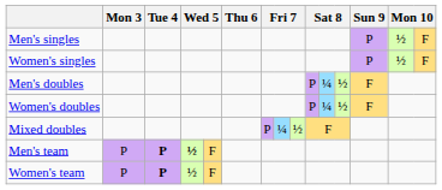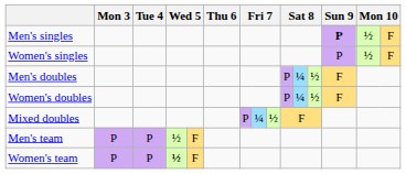 <table class="wikitable" style="margin:0.5em auto; font-size:90%; line-height:1.25em;">
 <tr style="text-align:center;">
 <th></th>
 <th>Mon 3</th>
 <th>Tue 4</th>
 <th colspan="2">Wed 5</th>
 <th>Thu 6</th>
 <th colspan="3">Fri 7</th>
 <th colspan="3">Sat 8</th>
 <th>Sun 9</th>
 <th colspan="2">Mon 10</th>
 </tr>
 <tr style="text-align:center;">
 <td style="text-align:left;"><a href='#'>Men's singles</a></td>
 <td></td>
 <td></td>
 <td colspan="2"></td>
 <td></td>
 <td colspan="3"></td>
 <td colspan="3"></td>
-<td style="background-color:#D0A9F5;text-align:center;">P</td>
+<td style="background-color:#D0A9F5;text-align:center;"><strong>P</strong></td>
 <td style="background-color:#D9FFB2;">½</td>
 <td style="background-color:#FFDF80;">F</td>
 </tr>
 <tr style="text-align:center;">
 <td style="text-align:left;"><a href='#'>Women's singles</a></td>
 <td></td>
 <td></td>
 <td colspan="2"></td>
 <td></td>
 <td colspan="3"></td>
 <td colspan="3"></td>
 <td style="background-color:#D0A9F5;text-align:center;">P</td>
 <td style="background-color:#D9FFB2;">½</td>
 <td style="background-color:#FFDF80;">F</td>
 </tr>
 <tr style="text-align:center;">
 <td style="text-align:left;"><a href='#'>Men's doubles</a></td>
 <td></td>
 <td></td>
 <td colspan="2"></td>
 <td></td>
 <td colspan="3"></td>
 <td style="background-color:#D0A9F5;text-align:center;">P</td>
 <td style="background-color:#97DEFF;text-align:center;">¼</td>
 <td style="background-color:#D9FFB2;">½</td>
 <td style="background-color:#FFDF80;">F</td>
 <td colspan="2"></td>
 </tr>
 <tr style="text-align:center;">
 <td style="text-align:left;"><a href='#'>Women's doubles</a></td>
 <td></td>
 <td></td>
 <td colspan="2"></td>
 <td></td>
 <td colspan="3"></td>
 <td style="background-color:#D0A9F5;text-align:center;">P</td>
 <td style="background-color:#97DEFF;text-align:center;">¼</td>
 <td style="background-color:#D9FFB2;">½</td>
 <td style="background-color:#FFDF80;">F</td>
 <td colspan="2"></td>
 </tr>
 <tr style="text-align:center;">
 <td style="text-align:left;"><a href='#'>Mixed doubles</a></td>
 <td></td>
 <td></td>
 <td colspan="2"></td>
 <td></td>
 <td style="background-color:#D0A9F5;">P</td>
 <td style="background-color:#97DEFF;text-align:center;">¼</td>
 <td style="background-color:#D9FFB2;">½</td>
 <td colspan="3" style="background-color:#FFDF80;">F</td>
 <td></td>
 <td colspan="2"></td>
 </tr>
 <tr style="text-align:center;">
 <td style="text-align:left;"><a href='#'>Men's team</a></td>
 <td style="background-color:#D0A9F5;">P</td>
-<td style="background-color:#D0A9F5;"><strong>P</strong></td>
-<td style="background-color:#D9FFB2;"><strong>½</strong></td>
+<td style="background-color:#D0A9F5;">P</td>
+<td style="background-color:#D9FFB2;">½</td>
 <td style="background-color:#FFDF80;">F</td>
 <td></td>
 <td colspan="3"></td>
 <td colspan="3"></td>
 <td></td>
 <td colspan="2"></td>
 </tr>
 <tr style="text-align:center;">
 <td style="text-align:left;"><a href='#'>Women's team</a></td>
 <td style="background-color:#D0A9F5;">P</td>
-<td style="background-color:#D0A9F5;"><strong>P</strong></td>
-<td style="background-color:#D9FFB2;">½</td>
+<td style="background-color:#D0A9F5;">P</td>
+<td style="background-color:#D9FFB2;"><strong>½</strong></td>
 <td style="background-color:#FFDF80;">F</td>
 <td></td>
 <td colspan="3"></td>
 <td colspan="3"></td>
 <td></td>
 <td colspan="2"></td>
 </tr>
 </table>
